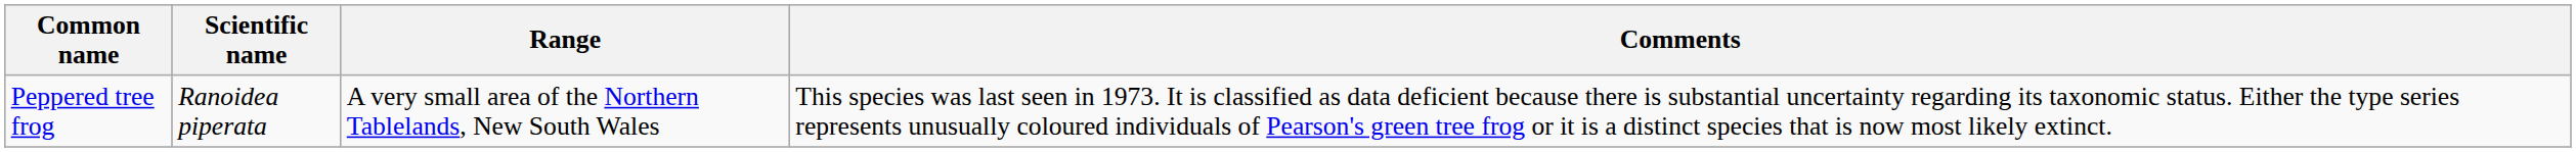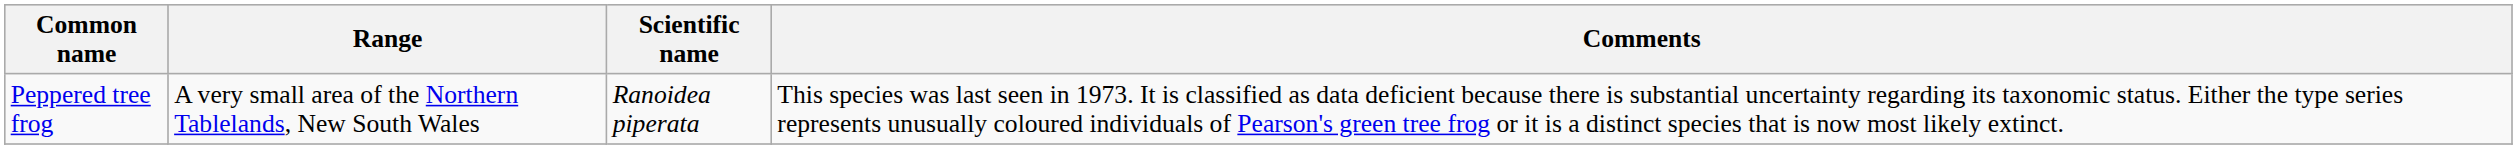 <table class="wikitable">
 <tr>
 <th>Common name</th>
+<th>Range</th>
 <th>Scientific name</th>
-<th>Range</th>
 <th class="unsortable">Comments</th>
 </tr>
 <tr>
 <td><a href='#'>Peppered tree frog</a></td>
+<td>A very small area of the <a href='#'>Northern Tablelands</a>, New South Wales</td>
 <td><em>Ranoidea piperata</em></td>
-<td>A very small area of the <a href='#'>Northern Tablelands</a>, New South Wales</td>
 <td>This species was last seen in 1973. It is classified as data deficient because there is substantial uncertainty regarding its taxonomic status. Either the type series represents unusually coloured individuals of <a href='#'>Pearson's green tree frog</a> or it is a distinct species that is now most likely extinct.</td>
 </tr>
 </table>
